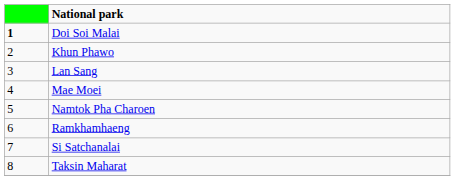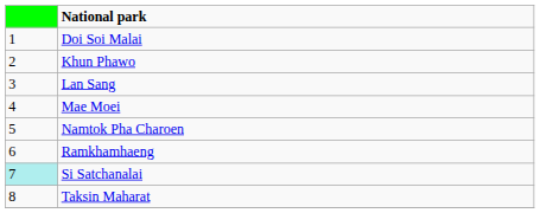 <table class= "wikitable" style= "width:30%; display:inline-table;">
 <tr>
 <td style="width:3%; background:#00FF00;"> </td>
 <td style="width:27%;"><strong>National park</strong></td>
 </tr>
 <tr>
-<td><strong>1</strong></td>
+<td>1</td>
 <td><a href='#'>Doi Soi Malai</a></td>
 </tr>
 <tr>
 <td>2</td>
 <td><a href='#'>Khun Phawo</a></td>
 </tr>
 <tr>
 <td>3</td>
 <td><a href='#'>Lan Sang</a></td>
 </tr>
 <tr>
 <td>4</td>
 <td><a href='#'>Mae Moei</a></td>
 </tr>
 <tr>
 <td>5</td>
 <td><a href='#'>Namtok Pha Charoen</a></td>
 </tr>
 <tr>
 <td>6</td>
 <td><a href='#'>Ramkhamhaeng</a></td>
 </tr>
 <tr>
-<td>7</td>
+<td style="background: paleturquoise;">7</td>
 <td><a href='#'>Si Satchanalai</a></td>
 </tr>
 <tr>
 <td>8</td>
 <td><a href='#'>Taksin Maharat</a></td>
 </tr>
 <tr>
 </tr>
 </table>
